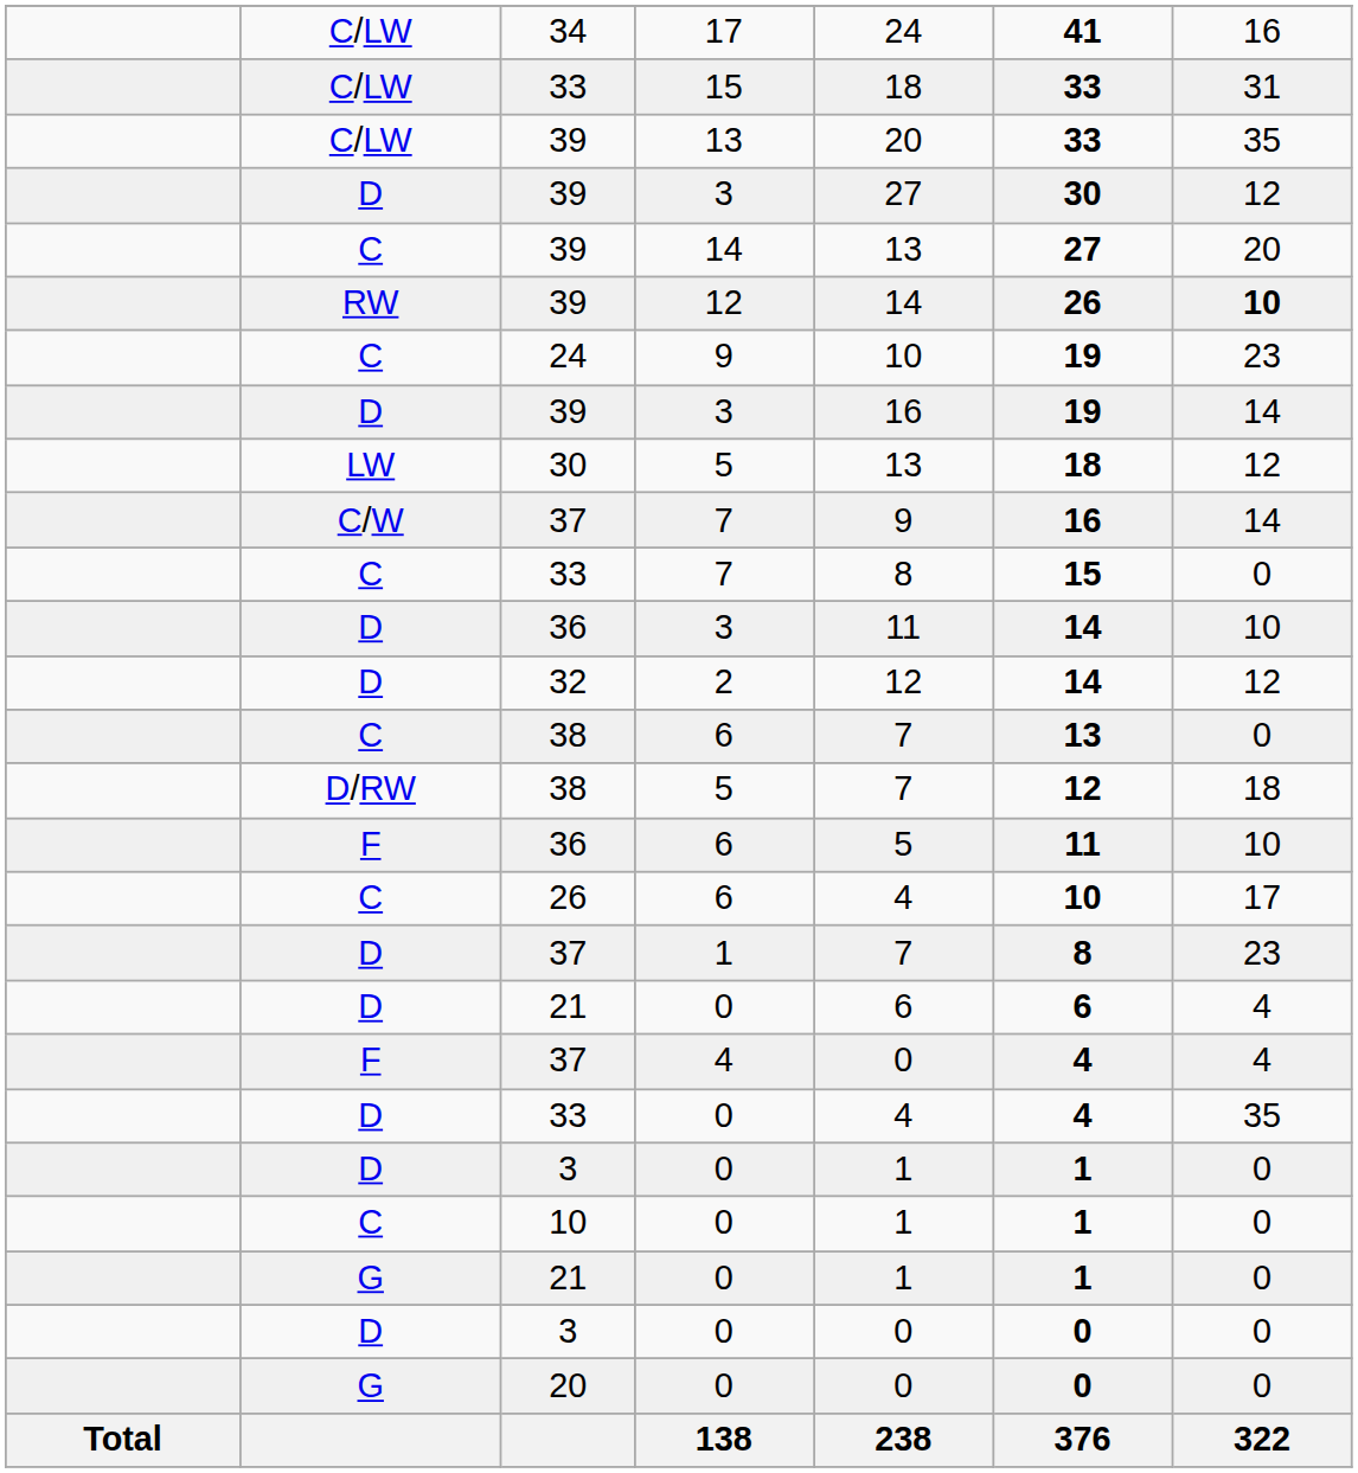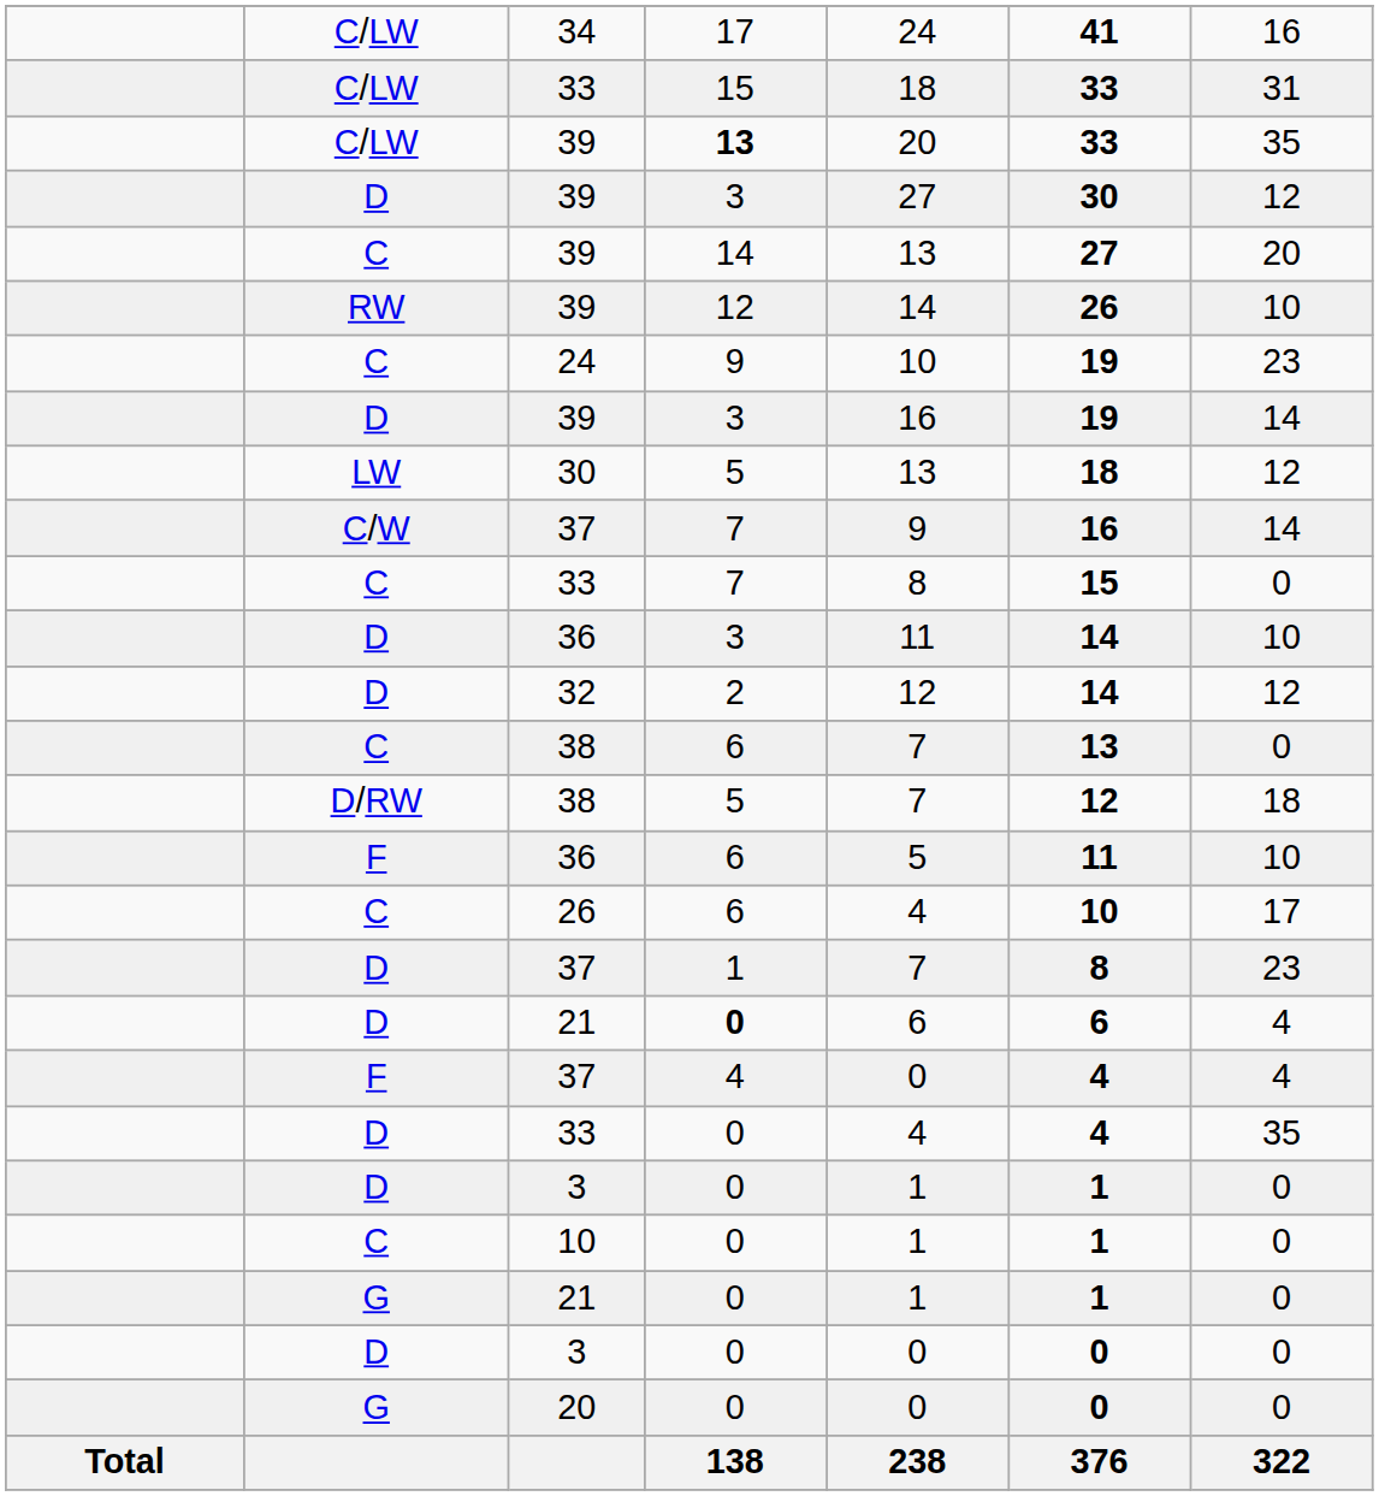 <table class="wikitable sortable" width ="50%">
 <tr align="center">
 </tr>
 <tr align="center" bgcolor="">
 <td></td>
 <td><a href='#'>C</a>/<a href='#'>LW</a></td>
 <td>34</td>
 <td>17</td>
 <td>24</td>
 <td><strong>41</strong></td>
 <td>16</td>
 </tr>
 <tr align="center" bgcolor="f0f0f0">
 <td></td>
 <td><a href='#'>C</a>/<a href='#'>LW</a></td>
 <td>33</td>
 <td>15</td>
 <td>18</td>
 <td><strong>33</strong></td>
 <td>31</td>
 </tr>
 <tr align="center" bgcolor="">
 <td></td>
 <td><a href='#'>C</a>/<a href='#'>LW</a></td>
 <td>39</td>
-<td>13</td>
+<td><strong>13</strong></td>
 <td>20</td>
 <td><strong>33</strong></td>
 <td>35</td>
 </tr>
 <tr align="center" bgcolor="f0f0f0">
 <td></td>
 <td><a href='#'>D</a></td>
 <td>39</td>
 <td>3</td>
 <td>27</td>
 <td><strong>30</strong></td>
 <td>12</td>
 </tr>
 <tr align="center" bgcolor="">
 <td></td>
 <td><a href='#'>C</a></td>
 <td>39</td>
 <td>14</td>
 <td>13</td>
 <td><strong>27</strong></td>
 <td>20</td>
 </tr>
 <tr align="center" bgcolor="f0f0f0">
 <td></td>
 <td><a href='#'>RW</a></td>
 <td>39</td>
 <td>12</td>
 <td>14</td>
 <td><strong>26</strong></td>
-<td><strong>10</strong></td>
+<td>10</td>
 </tr>
 <tr align="center" bgcolor="">
 <td></td>
 <td><a href='#'>C</a></td>
 <td>24</td>
 <td>9</td>
 <td>10</td>
 <td><strong>19</strong></td>
 <td>23</td>
 </tr>
 <tr align="center" bgcolor="f0f0f0">
 <td></td>
 <td><a href='#'>D</a></td>
 <td>39</td>
 <td>3</td>
 <td>16</td>
 <td><strong>19</strong></td>
 <td>14</td>
 </tr>
 <tr align="center" bgcolor="">
 <td></td>
 <td><a href='#'>LW</a></td>
 <td>30</td>
 <td>5</td>
 <td>13</td>
 <td><strong>18</strong></td>
 <td>12</td>
 </tr>
 <tr align="center" bgcolor="f0f0f0">
 <td></td>
 <td><a href='#'>C</a>/<a href='#'>W</a></td>
 <td>37</td>
 <td>7</td>
 <td>9</td>
 <td><strong>16</strong></td>
 <td>14</td>
 </tr>
 <tr align="center" bgcolor="">
 <td></td>
 <td><a href='#'>C</a></td>
 <td>33</td>
 <td>7</td>
 <td>8</td>
 <td><strong>15</strong></td>
 <td>0</td>
 </tr>
 <tr align="center" bgcolor="f0f0f0">
 <td></td>
 <td><a href='#'>D</a></td>
 <td>36</td>
 <td>3</td>
 <td>11</td>
 <td><strong>14</strong></td>
 <td>10</td>
 </tr>
 <tr align="center" bgcolor="">
 <td></td>
 <td><a href='#'>D</a></td>
 <td>32</td>
 <td>2</td>
 <td>12</td>
 <td><strong>14</strong></td>
 <td>12</td>
 </tr>
 <tr align="center" bgcolor="f0f0f0">
 <td></td>
 <td><a href='#'>C</a></td>
 <td>38</td>
 <td>6</td>
 <td>7</td>
 <td><strong>13</strong></td>
 <td>0</td>
 </tr>
 <tr align="center" bgcolor="">
 <td></td>
 <td><a href='#'>D</a>/<a href='#'>RW</a></td>
 <td>38</td>
 <td>5</td>
 <td>7</td>
 <td><strong>12</strong></td>
 <td>18</td>
 </tr>
 <tr align="center" bgcolor="f0f0f0">
 <td></td>
 <td><a href='#'>F</a></td>
 <td>36</td>
 <td>6</td>
 <td>5</td>
 <td><strong>11</strong></td>
 <td>10</td>
 </tr>
 <tr align="center" bgcolor="">
 <td></td>
 <td><a href='#'>C</a></td>
 <td>26</td>
 <td>6</td>
 <td>4</td>
 <td><strong>10</strong></td>
 <td>17</td>
 </tr>
 <tr align="center" bgcolor="f0f0f0">
 <td></td>
 <td><a href='#'>D</a></td>
 <td>37</td>
 <td>1</td>
 <td>7</td>
 <td><strong>8</strong></td>
 <td>23</td>
 </tr>
 <tr align="center" bgcolor="">
 <td></td>
 <td><a href='#'>D</a></td>
 <td>21</td>
-<td>0</td>
+<td><strong>0</strong></td>
 <td>6</td>
 <td><strong>6</strong></td>
 <td>4</td>
 </tr>
 <tr align="center" bgcolor="f0f0f0">
 <td></td>
 <td><a href='#'>F</a></td>
 <td>37</td>
 <td>4</td>
 <td>0</td>
 <td><strong>4</strong></td>
 <td>4</td>
 </tr>
 <tr align="center" bgcolor="">
 <td></td>
 <td><a href='#'>D</a></td>
 <td>33</td>
 <td>0</td>
 <td>4</td>
 <td><strong>4</strong></td>
 <td>35</td>
 </tr>
 <tr align="center" bgcolor="f0f0f0">
 <td></td>
 <td><a href='#'>D</a></td>
 <td>3</td>
 <td>0</td>
 <td>1</td>
 <td><strong>1</strong></td>
 <td>0</td>
 </tr>
 <tr align="center" bgcolor="">
 <td></td>
 <td><a href='#'>C</a></td>
 <td>10</td>
 <td>0</td>
 <td>1</td>
 <td><strong>1</strong></td>
 <td>0</td>
 </tr>
 <tr align="center" bgcolor="f0f0f0">
 <td></td>
 <td><a href='#'>G</a></td>
 <td>21</td>
 <td>0</td>
 <td>1</td>
 <td><strong>1</strong></td>
 <td>0</td>
 </tr>
 <tr align="center" bgcolor="">
 <td></td>
 <td><a href='#'>D</a></td>
 <td>3</td>
 <td>0</td>
 <td>0</td>
 <td><strong>0</strong></td>
 <td>0</td>
 </tr>
 <tr align="center" bgcolor="f0f0f0">
 <td></td>
 <td><a href='#'>G</a></td>
 <td>20</td>
 <td>0</td>
 <td>0</td>
 <td><strong>0</strong></td>
 <td>0</td>
 </tr>
 <tr>
 <th>Total</th>
 <th></th>
 <th></th>
 <th>138</th>
 <th>238</th>
 <th>376</th>
 <th>322</th>
 </tr>
 </table>
